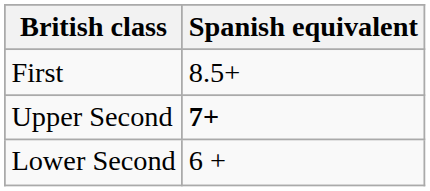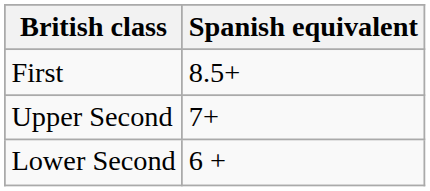 <table class="wikitable">
 <tr>
 <th>British class</th>
 <th>Spanish equivalent</th>
 </tr>
 <tr>
 <td>First</td>
 <td>8.5+</td>
 </tr>
 <tr>
 <td>Upper Second</td>
-<td><strong>7+</strong></td>
+<td>7+</td>
 </tr>
 <tr>
 <td>Lower Second</td>
 <td>6 +</td>
 </tr>
 </table>
